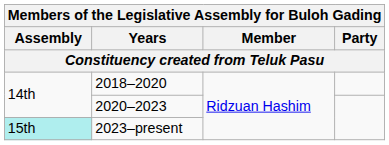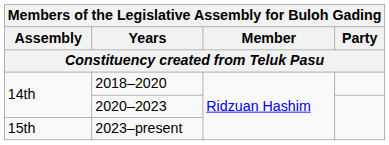 <table class="wikitable">
 <tr>
 <th colspan="4">Members of the Legislative Assembly for Buloh Gading</th>
 </tr>
 <tr>
 <th>Assembly</th>
 <th>Years</th>
 <th>Member</th>
 <th>Party</th>
 </tr>
 <tr>
 <th colspan="4"><em>Constituency created from Teluk Pasu</em></th>
 </tr>
 <tr>
 <td rowspan="2">14th</td>
 <td>2018–2020</td>
 <td rowspan="3"><a href='#'>Ridzuan Hashim</a></td>
 <td></td>
 </tr>
 <tr>
 <td>2020–2023</td>
 <td rowspan="2"></td>
 </tr>
 <tr>
-<td style="background: paleturquoise;">15th</td>
+<td>15th</td>
 <td>2023–present</td>
 </tr>
 </table>
